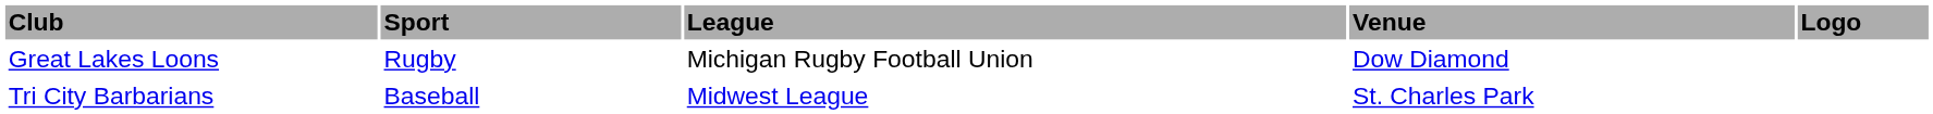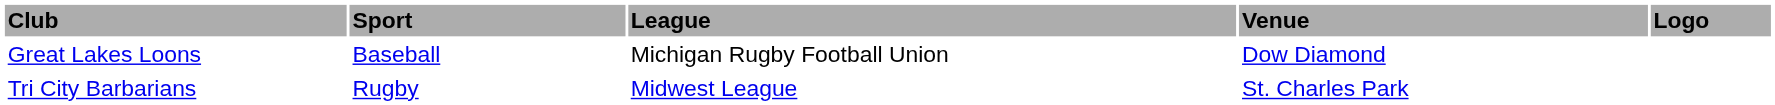 <table border=0 cellpadding=2 cellspacing=2 width=98%>
 <tr bgcolor="#ADADAD">
 <td width="150px"><strong>Club</strong></td>
 <td width="120px"><strong>Sport</strong></td>
 <td width="270px"><strong>League</strong></td>
 <td width="180px"><strong>Venue</strong></td>
 <td width="50px"><strong>Logo</strong></td>
 </tr>
 <tr>
 <td><a href='#'>Great Lakes Loons</a></td>
-<td><a href='#'>Rugby</a></td>
+<td><a href='#'>Baseball</a></td>
 <td>Michigan Rugby Football Union</td>
 <td><a href='#'>Dow Diamond</a></td>
 </tr>
 <tr>
 <td><a href='#'>Tri City Barbarians</a></td>
-<td><a href='#'>Baseball</a></td>
+<td><a href='#'>Rugby</a></td>
 <td><a href='#'>Midwest League</a></td>
 <td><a href='#'>St. Charles Park</a></td>
 </tr>
 </table>
